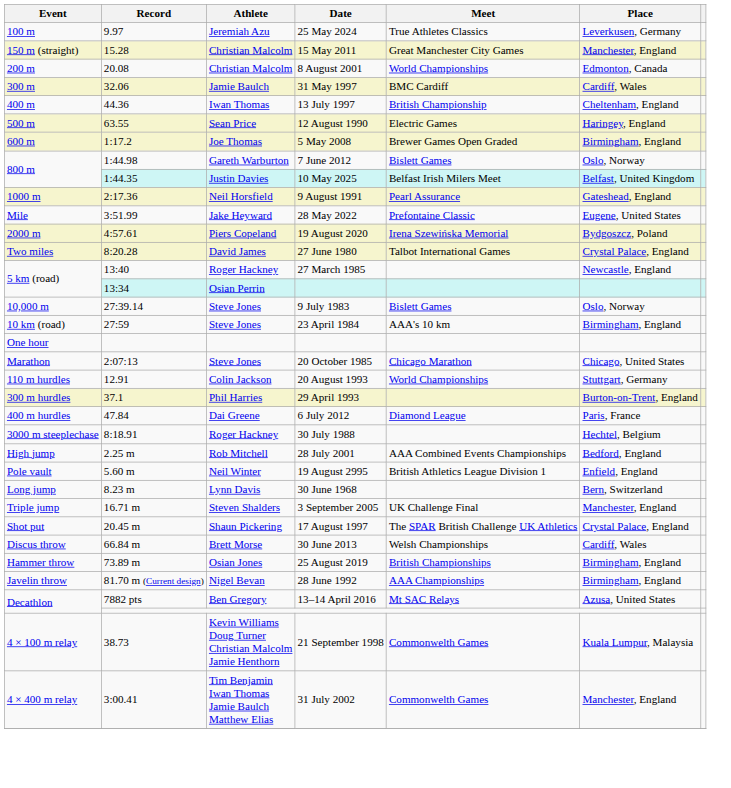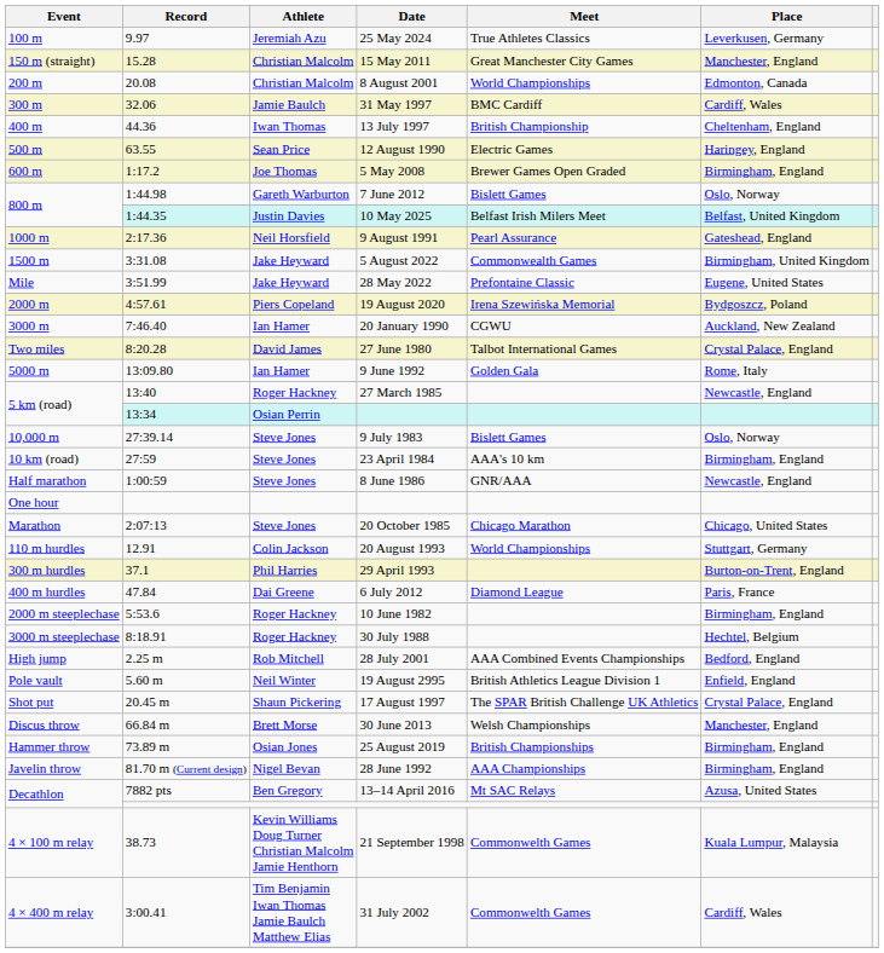 <table class="wikitable" style="font-size:95%;">
 <tr>
 <th>Event</th>
 <th>Record</th>
 <th>Athlete</th>
 <th>Date</th>
 <th>Meet</th>
 <th>Place</th>
 <th></th>
 </tr>
 <tr>
 <td><a href='#'>100 m</a></td>
 <td>9.97 </td>
 <td><a href='#'>Jeremiah Azu</a></td>
 <td>25 May 2024</td>
 <td>True Athletes Classics</td>
 <td><a href='#'>Leverkusen</a>, Germany</td>
 <td></td>
 </tr>
 <tr style="background:#f6F5CE;">
 <td><a href='#'>150 m</a> (straight)</td>
 <td>15.28 </td>
 <td><a href='#'>Christian Malcolm</a></td>
 <td>15 May 2011</td>
 <td>Great Manchester City Games</td>
 <td><a href='#'>Manchester</a>, England</td>
 <td></td>
 </tr>
 <tr>
 <td><a href='#'>200 m</a></td>
 <td>20.08 </td>
 <td><a href='#'>Christian Malcolm</a></td>
 <td>8 August 2001</td>
 <td><a href='#'>World Championships</a></td>
 <td><a href='#'>Edmonton</a>, Canada</td>
 <td></td>
 </tr>
 <tr style="background:#f6F5CE;">
 <td><a href='#'>300 m</a></td>
 <td>32.06</td>
 <td><a href='#'>Jamie Baulch</a></td>
 <td>31 May 1997</td>
 <td>BMC Cardiff</td>
 <td><a href='#'>Cardiff</a>, Wales</td>
 <td></td>
 </tr>
 <tr>
 <td><a href='#'>400 m</a></td>
 <td>44.36</td>
 <td><a href='#'>Iwan Thomas</a></td>
 <td>13 July 1997</td>
 <td><a href='#'>British Championship</a></td>
 <td><a href='#'>Cheltenham</a>, England</td>
 <td></td>
 </tr>
 <tr style="background:#f6F5CE;">
 <td><a href='#'>500 m</a></td>
 <td>63.55</td>
 <td><a href='#'>Sean Price</a></td>
 <td>12 August 1990</td>
 <td>Electric Games</td>
 <td><a href='#'>Haringey</a>, England</td>
 <td></td>
 </tr>
 <tr style="background:#f6F5CE;">
 <td><a href='#'>600 m</a></td>
 <td>1:17.2</td>
 <td><a href='#'>Joe Thomas</a></td>
 <td>5 May 2008</td>
 <td>Brewer Games Open Graded</td>
 <td><a href='#'>Birmingham</a>, England</td>
 <td></td>
 </tr>
 <tr>
 <td rowspan=2><a href='#'>800 m</a></td>
 <td>1:44.98</td>
 <td><a href='#'>Gareth Warburton</a></td>
 <td>7 June 2012</td>
 <td><a href='#'>Bislett Games</a></td>
 <td><a href='#'>Oslo</a>, Norway</td>
 <td></td>
 </tr>
 <tr style="background:#CEF6F5">
 <td>1:44.35</td>
 <td><a href='#'> Justin Davies</a></td>
 <td>10 May 2025</td>
 <td>Belfast Irish Milers Meet</td>
 <td><a href='#'>Belfast</a>, United Kingdom</td>
 <td></td>
 </tr>
 <tr style="background:#f6F5CE;">
 <td><a href='#'>1000 m</a></td>
 <td>2:17.36</td>
 <td><a href='#'>Neil Horsfield</a></td>
 <td>9 August 1991</td>
 <td><a href='#'>Pearl Assurance</a></td>
 <td><a href='#'>Gateshead</a>, England</td>
 <td></td>
 </tr>
 <tr>
+<td><a href='#'>1500 m</a></td>
+<td>3:31.08</td>
+<td><a href='#'>Jake Heyward</a></td>
+<td>5 August 2022</td>
+<td><a href='#'>Commonwealth Games</a></td>
+<td><a href='#'>Birmingham</a>, United Kingdom</td>
+<td></td>
+</tr>
+<tr>
 <td><a href='#'>Mile</a></td>
 <td>3:51.99</td>
 <td><a href='#'>Jake Heyward</a></td>
 <td>28 May 2022</td>
 <td><a href='#'>Prefontaine Classic</a></td>
 <td><a href='#'>Eugene</a>, United States</td>
 <td></td>
 </tr>
 <tr style="background:#f6F5CE;">
 <td><a href='#'>2000 m</a></td>
 <td>4:57.61</td>
 <td><a href='#'>Piers Copeland</a></td>
 <td>19 August 2020</td>
 <td><a href='#'>Irena Szewińska Memorial</a></td>
 <td><a href='#'>Bydgoszcz</a>, Poland</td>
 <td></td>
 </tr>
+<tr>
+<td><a href='#'>3000 m</a></td>
+<td>7:46.40</td>
+<td><a href='#'>Ian Hamer</a></td>
+<td>20 January 1990</td>
+<td>CGWU</td>
+<td><a href='#'>Auckland</a>, New Zealand</td>
+<td></td>
+</tr>
 <tr style="background:#f6F5CE;">
 <td><a href='#'>Two miles</a></td>
 <td>8:20.28</td>
 <td><a href='#'>David James</a></td>
 <td>27 June 1980</td>
 <td>Talbot International Games</td>
 <td><a href='#'>Crystal Palace</a>, England</td>
+<td></td>
+</tr>
+<tr>
+<td><a href='#'>5000 m</a></td>
+<td>13:09.80</td>
+<td><a href='#'>Ian Hamer</a></td>
+<td>9 June 1992</td>
+<td><a href='#'>Golden Gala</a></td>
+<td><a href='#'>Rome</a>, Italy</td>
 <td></td>
 </tr>
 <tr>
 <td rowspan=2><a href='#'>5 km</a> (road)</td>
 <td>13:40</td>
 <td><a href='#'>Roger Hackney</a></td>
 <td>27 March 1985</td>
 <td></td>
 <td><a href='#'>Newcastle</a>, England</td>
 <td></td>
 </tr>
 <tr style="background:#CEF6F5">
 <td>13:34</td>
 <td><a href='#'>Osian Perrin</a></td>
 <td></td>
 <td></td>
 <td></td>
 <td></td>
 </tr>
 <tr>
 <td><a href='#'>10,000 m</a></td>
 <td>27:39.14</td>
 <td><a href='#'>Steve Jones</a></td>
 <td>9 July 1983</td>
 <td><a href='#'>Bislett Games</a></td>
 <td><a href='#'>Oslo</a>, Norway</td>
 <td></td>
 </tr>
 <tr>
 <td><a href='#'>10 km</a> (road)</td>
 <td>27:59</td>
 <td><a href='#'>Steve Jones</a></td>
 <td>23 April 1984</td>
 <td>AAA's 10 km</td>
 <td><a href='#'>Birmingham</a>, England</td>
+<td></td>
+</tr>
+<tr>
+<td><a href='#'>Half marathon</a></td>
+<td>1:00:59</td>
+<td><a href='#'>Steve Jones</a></td>
+<td>8 June 1986</td>
+<td>GNR/AAA</td>
+<td><a href='#'>Newcastle</a>, England</td>
 <td></td>
 </tr>
 <tr>
 <td><a href='#'>One hour</a></td>
 <td></td>
 <td></td>
 <td></td>
 <td></td>
 <td></td>
 <td></td>
 </tr>
 <tr>
 <td><a href='#'>Marathon</a></td>
 <td>2:07:13</td>
 <td><a href='#'>Steve Jones</a></td>
 <td>20 October 1985</td>
 <td><a href='#'>Chicago Marathon</a></td>
 <td><a href='#'>Chicago</a>, United States</td>
 <td></td>
 </tr>
 <tr>
 <td><a href='#'>110 m hurdles</a></td>
 <td>12.91 </td>
 <td><a href='#'>Colin Jackson</a></td>
 <td>20 August 1993</td>
 <td><a href='#'>World Championships</a></td>
 <td><a href='#'>Stuttgart</a>, Germany</td>
 <td></td>
 </tr>
 <tr style="background:#f6F5CE;">
 <td><a href='#'>300 m hurdles</a></td>
 <td>37.1 </td>
 <td><a href='#'>Phil Harries</a></td>
 <td>29 April 1993</td>
 <td></td>
 <td><a href='#'>Burton-on-Trent</a>, England</td>
 <td></td>
 </tr>
 <tr>
 <td><a href='#'>400 m hurdles</a></td>
 <td>47.84</td>
 <td><a href='#'>Dai Greene</a></td>
 <td>6 July 2012</td>
 <td><a href='#'>Diamond League</a></td>
 <td><a href='#'>Paris</a>, France</td>
 <td></td>
 </tr>
 <tr>
+<td><a href='#'>2000 m steeplechase</a></td>
+<td>5:53.6 </td>
+<td><a href='#'>Roger Hackney</a></td>
+<td>10 June 1982</td>
+<td></td>
+<td><a href='#'>Birmingham</a>, England</td>
+<td></td>
+</tr>
+<tr>
 <td><a href='#'>3000 m steeplechase</a></td>
 <td>8:18.91</td>
 <td><a href='#'>Roger Hackney</a></td>
 <td>30 July 1988</td>
 <td></td>
 <td><a href='#'>Hechtel</a>, Belgium</td>
 <td></td>
 </tr>
 <tr>
 <td><a href='#'>High jump</a></td>
 <td>2.25 m</td>
 <td><a href='#'>Rob Mitchell</a></td>
 <td>28 July 2001</td>
 <td>AAA Combined Events Championships</td>
 <td><a href='#'>Bedford</a>, England</td>
 <td></td>
 </tr>
 <tr>
 <td><a href='#'>Pole vault</a></td>
 <td>5.60 m</td>
 <td><a href='#'>Neil Winter</a></td>
 <td>19 August 2995</td>
 <td>British Athletics League Division 1</td>
 <td><a href='#'>Enfield</a>, England</td>
 <td></td>
 </tr>
 <tr>
-<td><a href='#'>Long jump</a></td>
-<td>8.23 m </td>
-<td><a href='#'>Lynn Davis</a></td>
-<td>30 June 1968</td>
-<td></td>
-<td><a href='#'>Bern</a>, Switzerland</td>
-<td></td>
-</tr>
-<tr>
-<td><a href='#'>Triple jump</a></td>
-<td>16.71 m </td>
-<td><a href='#'>Steven Shalders</a></td>
-<td>3 September 2005</td>
-<td>UK Challenge Final</td>
-<td><a href='#'>Manchester</a>, England</td>
-<td></td>
-</tr>
-<tr>
 <td><a href='#'>Shot put</a></td>
 <td>20.45 m</td>
 <td><a href='#'>Shaun Pickering</a></td>
 <td>17 August 1997</td>
 <td>The <a href='#'>SPAR</a> British Challenge <a href='#'>UK Athletics</a></td>
 <td><a href='#'>Crystal Palace</a>, England</td>
 <td></td>
 </tr>
 <tr>
 <td><a href='#'>Discus throw</a></td>
 <td>66.84 m</td>
 <td><a href='#'>Brett Morse</a></td>
 <td>30 June 2013</td>
 <td>Welsh Championships</td>
-<td><a href='#'>Cardiff</a>, Wales</td>
+<td><a href='#'>Manchester</a>, England</td>
 <td></td>
 </tr>
 <tr>
 <td><a href='#'>Hammer throw</a></td>
 <td>73.89 m</td>
 <td><a href='#'>Osian Jones</a></td>
 <td>25 August 2019</td>
 <td><a href='#'>British Championships</a></td>
 <td><a href='#'>Birmingham</a>, England</td>
 <td></td>
 </tr>
 <tr>
 <td><a href='#'>Javelin throw</a></td>
 <td>81.70 m <small>(<a href='#'>Current design</a>)</small></td>
 <td><a href='#'>Nigel Bevan</a></td>
 <td>28 June 1992</td>
 <td><a href='#'>AAA Championships</a></td>
 <td><a href='#'>Birmingham</a>, England</td>
 <td></td>
 </tr>
 <tr>
 <td rowspan=2><a href='#'>Decathlon</a></td>
 <td>7882 pts</td>
 <td><a href='#'>Ben Gregory</a></td>
 <td>13–14 April 2016</td>
 <td><a href='#'>Mt SAC Relays</a></td>
 <td><a href='#'>Azusa</a>, United States</td>
 <td></td>
 </tr>
 <tr>
 <td colspan=5></td>
 <td></td>
 </tr>
 <tr>
 <td><a href='#'>4 × 100 m relay</a></td>
 <td>38.73</td>
 <td><a href='#'>Kevin Williams</a><br><a href='#'>Doug Turner</a><br><a href='#'>Christian Malcolm</a><br><a href='#'>Jamie Henthorn</a></td>
 <td>21 September 1998</td>
 <td><a href='#'> Commonwelth Games</a></td>
 <td><a href='#'>Kuala Lumpur</a>, Malaysia</td>
 <td></td>
 </tr>
 <tr>
 <td><a href='#'>4 × 400 m relay</a></td>
 <td>3:00.41</td>
 <td><a href='#'>Tim Benjamin</a><br><a href='#'>Iwan Thomas</a><br><a href='#'>Jamie Baulch</a><br><a href='#'>Matthew Elias</a></td>
 <td>31 July 2002</td>
 <td><a href='#'>Commonwelth Games</a></td>
-<td><a href='#'>Manchester</a>, England</td>
+<td><a href='#'>Cardiff</a>, Wales</td>
 <td></td>
 </tr>
 <tr>
 </tr>
 </table>
